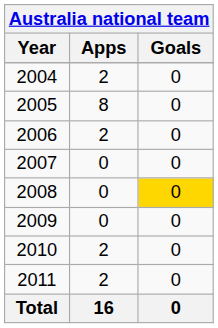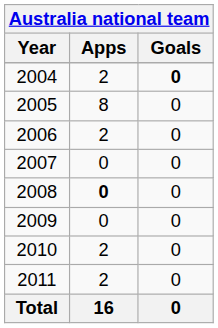 <table class="wikitable" style="text-align:center">
 <tr>
 <th colspan=3><a href='#'>Australia national team</a></th>
 </tr>
 <tr>
 <th>Year</th>
 <th>Apps</th>
 <th>Goals</th>
 </tr>
 <tr>
 </tr>
 <tr>
 <td>2004</td>
 <td>2</td>
-<td>0</td>
+<td><strong>0</strong></td>
 </tr>
 <tr>
 <td>2005</td>
 <td>8</td>
 <td>0</td>
 </tr>
 <tr>
 <td>2006</td>
 <td>2</td>
 <td>0</td>
 </tr>
 <tr>
 <td>2007</td>
 <td>0</td>
 <td>0</td>
 </tr>
 <tr>
 <td>2008</td>
+<td><strong>0</strong></td>
 <td>0</td>
-<td style="background: gold;">0</td>
 </tr>
 <tr>
 <td>2009</td>
 <td>0</td>
 <td>0</td>
 </tr>
 <tr>
 <td>2010</td>
 <td>2</td>
 <td>0</td>
 </tr>
 <tr>
 <td>2011</td>
 <td>2</td>
 <td>0</td>
 </tr>
 <tr>
 <th>Total</th>
 <th>16</th>
 <th>0</th>
 </tr>
 </table>
